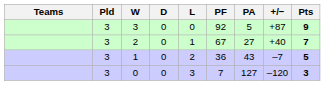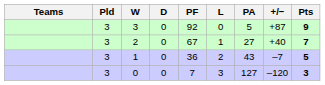 <table class="wikitable" style="text-align: center;">
 <tr>
 <th width="140">Teams</th>
 <th width="40">Pld</th>
 <th width="40">W</th>
 <th width="40">D</th>
+<th width="40">PF</th>
 <th width="40">L</th>
-<th width="40">PF</th>
 <th width="40">PA</th>
 <th width="40">+/−</th>
 <th width="40">Pts</th>
 </tr>
 <tr bgcolor=ccffcc>
 <td align=left></td>
 <td>3</td>
 <td>3</td>
 <td>0</td>
+<td>92</td>
 <td>0</td>
-<td>92</td>
 <td>5</td>
 <td>+87</td>
 <td><strong>9</strong></td>
 </tr>
 <tr bgcolor=ccffcc>
 <td align=left></td>
 <td>3</td>
 <td>2</td>
 <td>0</td>
+<td>67</td>
 <td>1</td>
-<td>67</td>
 <td>27</td>
 <td>+40</td>
 <td><strong>7</strong></td>
 </tr>
 <tr bgcolor=ccccff>
 <td align=left></td>
 <td>3</td>
 <td>1</td>
 <td>0</td>
+<td>36</td>
 <td>2</td>
-<td>36</td>
 <td>43</td>
 <td>–7</td>
 <td><strong>5</strong></td>
 </tr>
 <tr bgcolor=ccccff>
 <td align=left></td>
 <td>3</td>
 <td>0</td>
 <td>0</td>
+<td>7</td>
 <td>3</td>
-<td>7</td>
 <td>127</td>
 <td>–120</td>
 <td><strong>3</strong></td>
 </tr>
 </table>
